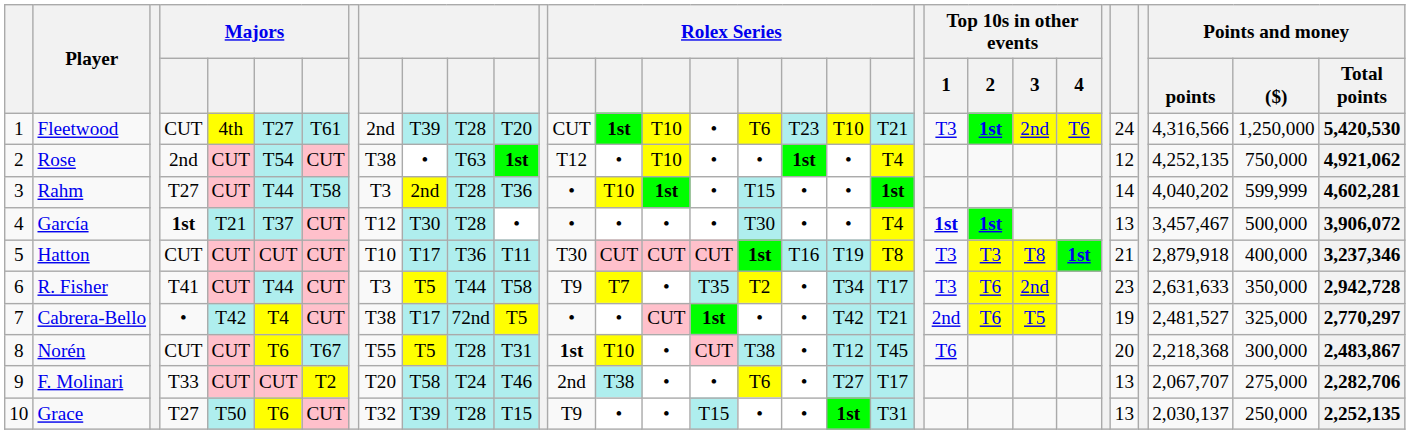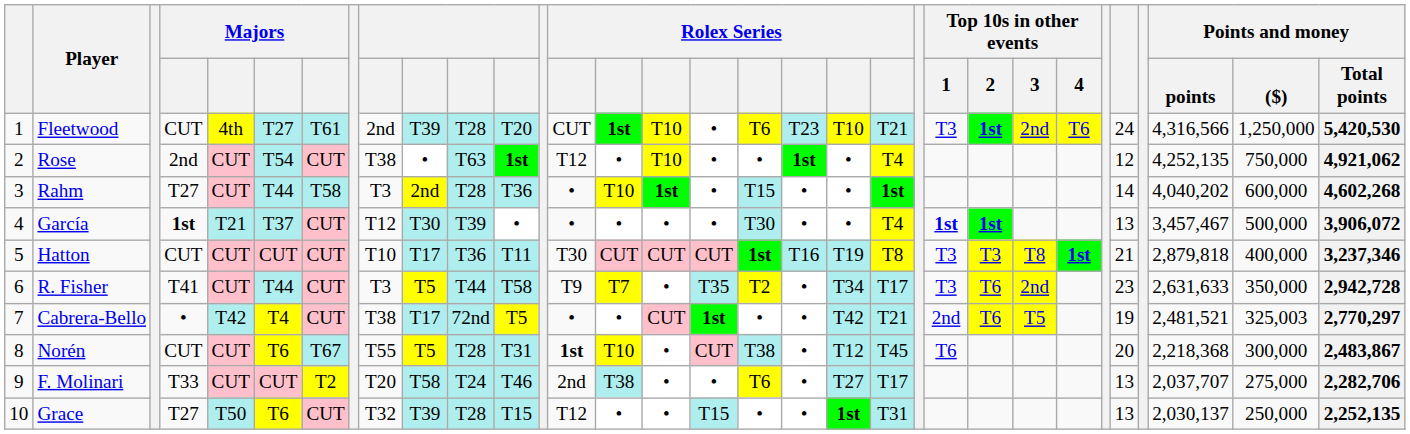 <table class=wikitable style=font-size:85%;text-align:center>
 <tr>
 <th rowspan=2></th>
 <th rowspan="2";>Player</th>
 <th rowspan="32"></th>
 <th colspan=4><a href='#'>Majors</a></th>
 <th rowspan="32"></th>
 <th colspan=4></th>
 <th rowspan="32"></th>
 <th colspan=8><a href='#'>Rolex Series</a></th>
 <th rowspan="32"></th>
 <th colspan="4">Top 10s in other  events</th>
 <th rowspan="32"></th>
 <th rowspan=2></th>
 <th rowspan="32"></th>
 <th colspan=3>Points and money</th>
 </tr>
 <tr>
 <th style="width:25px;"></th>
 <th style="width:25px;"></th>
 <th style="width:25px;"></th>
 <th style="width:25px;"></th>
 <th style="width:25px;"></th>
 <th style="width:25px;"></th>
 <th style="width:25px;"></th>
 <th style="width:25px;"></th>
 <th style="width:25px;"></th>
 <th style="width:25px;"></th>
 <th style="width:25px;"></th>
 <th style="width:25px;"></th>
 <th style="width:25px;"></th>
 <th style="width:25px;"></th>
 <th style="width:25px;"></th>
 <th style="width:25px;"></th>
 <th style="width:25px;">1</th>
 <th style="width:25px;">2</th>
 <th style="width:25px;">3</th>
 <th style="width:25px;">4</th>
 <th style=“width:25px;”><br>points</th>
 <th style=“width:25px;”><br>($)</th>
 <th style=“width:25px;”>Total<br>points</th>
 </tr>
 <tr>
 <td>1</td>
 <td align="left"> <a href='#'>Fleetwood</a></td>
 <td>CUT</td>
 <td bgcolor="yellow">4th</td>
 <td bgcolor="afeeee">T27</td>
 <td bgcolor="afeeee">T61</td>
 <td>2nd</td>
 <td bgcolor="afeeee">T39</td>
 <td bgcolor="afeeee">T28</td>
 <td bgcolor="afeeee">T20</td>
 <td>CUT</td>
 <td bgcolor="lime"><strong>1st</strong></td>
 <td bgcolor="yellow">T10</td>
 <td style="background:white">•</td>
 <td bgcolor="yellow">T6</td>
 <td bgcolor="afeeee">T23</td>
 <td bgcolor="yellow">T10</td>
 <td bgcolor="afeeee">T21</td>
 <td><a href='#'>T3</a></td>
 <td bgcolor="lime"><a href='#'><strong>1st</strong></a></td>
 <td bgcolor="yellow"><a href='#'>2nd</a></td>
 <td bgcolor="yellow"><a href='#'>T6</a></td>
 <td>24</td>
 <td>4,316,566</td>
 <td>1,250,000</td>
 <th>5,420,530</th>
 </tr>
 <tr>
 <td>2</td>
 <td align="left"> <a href='#'>Rose</a></td>
 <td>2nd</td>
 <td bgcolor="pink">CUT</td>
 <td bgcolor="afeeee">T54</td>
 <td bgcolor="pink">CUT</td>
 <td>T38</td>
 <td style="background:white">•</td>
 <td bgcolor="afeeee">T63</td>
 <td bgcolor="lime"><strong>1st</strong></td>
 <td>T12</td>
 <td style="background:white">•</td>
 <td bgcolor="yellow">T10</td>
 <td style="background:white">•</td>
 <td style="background:white">•</td>
 <td bgcolor="lime"><strong>1st</strong></td>
 <td style="background:white">•</td>
 <td bgcolor="yellow">T4</td>
 <td></td>
 <td bgcolor=""></td>
 <td bgcolor=""></td>
 <td bgcolor=""></td>
 <td>12</td>
 <td>4,252,135</td>
 <td>750,000</td>
 <th>4,921,062</th>
 </tr>
 <tr>
 <td>3</td>
 <td align="left"> <a href='#'>Rahm</a></td>
 <td>T27</td>
 <td bgcolor="pink">CUT</td>
 <td bgcolor="afeeee">T44</td>
 <td bgcolor="afeeee">T58</td>
 <td>T3</td>
 <td bgcolor="yellow">2nd</td>
 <td bgcolor="afeeee">T28</td>
 <td bgcolor="afeeee">T36</td>
 <td>•</td>
 <td bgcolor="yellow">T10</td>
 <td bgcolor="lime"><strong>1st</strong></td>
 <td style="background:white">•</td>
 <td bgcolor="afeeee">T15</td>
 <td style="background:white">•</td>
 <td style="background:white">•</td>
 <td bgcolor="lime"><strong>1st</strong></td>
 <td></td>
 <td bgcolor=""></td>
 <td bgcolor=""></td>
 <td bgcolor=""></td>
 <td>14</td>
 <td>4,040,202</td>
-<td>599,999</td>
-<th>4,602,281</th>
+<td>600,000</td>
+<th>4,602,268</th>
 </tr>
 <tr>
 <td>4</td>
 <td align="left"> <a href='#'>García</a></td>
 <td><strong>1st</strong></td>
 <td bgcolor="afeeee">T21</td>
 <td bgcolor="afeeee">T37</td>
 <td bgcolor="pink">CUT</td>
 <td>T12</td>
 <td bgcolor="afeeee">T30</td>
-<td bgcolor="afeeee">T28</td>
+<td bgcolor="afeeee">T39</td>
 <td style="background:white">•</td>
 <td>•</td>
 <td style="background:white">•</td>
 <td style="background:white">•</td>
 <td style="background:white">•</td>
 <td bgcolor="afeeee">T30</td>
 <td style="background:white">•</td>
 <td style="background:white">•</td>
 <td bgcolor="yellow">T4</td>
 <td><a href='#'><strong>1st</strong></a></td>
 <td bgcolor="lime"><a href='#'><strong>1st</strong></a></td>
 <td bgcolor=""></td>
 <td bgcolor=""></td>
 <td>13</td>
 <td>3,457,467</td>
 <td>500,000</td>
 <th>3,906,072</th>
 </tr>
 <tr>
 <td>5</td>
 <td align="left"> <a href='#'>Hatton</a></td>
 <td>CUT</td>
 <td bgcolor="pink">CUT</td>
 <td bgcolor="pink">CUT</td>
 <td bgcolor="pink">CUT</td>
 <td>T10</td>
 <td bgcolor="afeeee">T17</td>
 <td bgcolor="afeeee">T36</td>
 <td bgcolor="afeeee">T11</td>
 <td>T30</td>
 <td bgcolor="pink">CUT</td>
 <td bgcolor="pink">CUT</td>
 <td bgcolor="pink">CUT</td>
 <td bgcolor="lime"><strong>1st</strong></td>
 <td bgcolor="afeeee">T16</td>
 <td bgcolor="afeeee">T19</td>
 <td bgcolor="yellow">T8</td>
 <td><a href='#'>T3</a></td>
 <td bgcolor="yellow"><a href='#'>T3</a></td>
 <td bgcolor="yellow"><a href='#'>T8</a></td>
 <td bgcolor="lime"><a href='#'><strong>1st</strong></a></td>
 <td>21</td>
-<td>2,879,918</td>
+<td>2,879,818</td>
 <td>400,000</td>
 <th>3,237,346</th>
 </tr>
 <tr>
 <td>6</td>
 <td align="left"> <a href='#'>R. Fisher</a></td>
 <td>T41</td>
 <td bgcolor="pink">CUT</td>
 <td bgcolor="afeeee">T44</td>
 <td bgcolor="pink">CUT</td>
 <td>T3</td>
 <td bgcolor="yellow">T5</td>
 <td bgcolor="afeeee">T44</td>
 <td bgcolor="afeeee">T58</td>
 <td>T9</td>
 <td bgcolor="yellow">T7</td>
 <td style="background:white">•</td>
 <td bgcolor="afeeee">T35</td>
 <td bgcolor="yellow">T2</td>
 <td style="background:white">•</td>
 <td bgcolor="afeeee">T34</td>
 <td bgcolor="afeeee">T17</td>
 <td><a href='#'>T3</a></td>
 <td bgcolor="yellow"><a href='#'>T6</a></td>
 <td bgcolor="yellow"><a href='#'>2nd</a></td>
 <td bgcolor=""></td>
 <td>23</td>
 <td>2,631,633</td>
 <td>350,000</td>
 <th>2,942,728</th>
 </tr>
 <tr>
 <td>7</td>
 <td align="left"> <a href='#'>Cabrera-Bello</a></td>
 <td>•</td>
 <td bgcolor="afeeee">T42</td>
 <td bgcolor="yellow">T4</td>
 <td bgcolor="pink">CUT</td>
 <td>T38</td>
 <td bgcolor="afeeee">T17</td>
 <td bgcolor="afeeee">72nd</td>
 <td bgcolor="yellow">T5</td>
 <td>•</td>
 <td style="background:white">•</td>
 <td bgcolor="pink">CUT</td>
 <td bgcolor="lime"><strong>1st</strong></td>
 <td style="background:white">•</td>
 <td style="background:white">•</td>
 <td bgcolor="afeeee">T42</td>
 <td bgcolor="afeeee">T21</td>
 <td><a href='#'>2nd</a></td>
 <td bgcolor="yellow"><a href='#'>T6</a></td>
 <td bgcolor="yellow"><a href='#'>T5</a></td>
 <td bgcolor=""></td>
 <td>19</td>
-<td>2,481,527</td>
-<td>325,000</td>
+<td>2,481,521</td>
+<td>325,003</td>
 <th>2,770,297</th>
 </tr>
 <tr>
 <td>8</td>
 <td align="left"> <a href='#'>Norén</a></td>
 <td>CUT</td>
 <td bgcolor="pink">CUT</td>
 <td bgcolor="yellow">T6</td>
 <td bgcolor="afeeee">T67</td>
 <td>T55</td>
 <td bgcolor="yellow">T5</td>
 <td bgcolor="afeeee">T28</td>
 <td bgcolor="afeeee">T31</td>
 <td><strong>1st</strong></td>
 <td bgcolor="yellow">T10</td>
 <td style="background:white">•</td>
 <td bgcolor="pink">CUT</td>
 <td bgcolor="afeeee">T38</td>
 <td style="background:white">•</td>
 <td bgcolor="afeeee">T12</td>
 <td bgcolor="afeeee">T45</td>
 <td><a href='#'>T6</a></td>
 <td bgcolor=""></td>
 <td bgcolor=""></td>
 <td bgcolor=""></td>
 <td>20</td>
 <td>2,218,368</td>
 <td>300,000</td>
 <th>2,483,867</th>
 </tr>
 <tr>
 <td>9</td>
 <td align="left"> <a href='#'>F. Molinari</a></td>
 <td>T33</td>
 <td bgcolor="pink">CUT</td>
 <td bgcolor="pink">CUT</td>
 <td bgcolor="yellow">T2</td>
 <td>T20</td>
 <td bgcolor="afeeee">T58</td>
 <td bgcolor="afeeee">T24</td>
 <td bgcolor="afeeee">T46</td>
 <td>2nd</td>
 <td bgcolor="afeeee">T38</td>
 <td style="background:white">•</td>
 <td style="background:white">•</td>
 <td bgcolor="yellow">T6</td>
 <td style="background:white">•</td>
 <td bgcolor="afeeee">T27</td>
 <td bgcolor="afeeee">T17</td>
 <td></td>
 <td bgcolor=""></td>
 <td bgcolor=""></td>
 <td bgcolor=""></td>
 <td>13</td>
-<td>2,067,707</td>
+<td>2,037,707</td>
 <td>275,000</td>
 <th>2,282,706</th>
 </tr>
 <tr>
 <td>10</td>
 <td align="left"> <a href='#'>Grace</a></td>
 <td>T27</td>
 <td bgcolor="afeeee">T50</td>
 <td bgcolor="yellow">T6</td>
 <td bgcolor="pink">CUT</td>
 <td>T32</td>
 <td bgcolor="afeeee">T39</td>
 <td bgcolor="afeeee">T28</td>
 <td bgcolor="afeeee">T15</td>
-<td>T9</td>
+<td>T12</td>
 <td style="background:white">•</td>
 <td style="background:white">•</td>
 <td bgcolor="afeeee">T15</td>
 <td style="background:white">•</td>
 <td style="background:white">•</td>
 <td bgcolor="lime"><strong>1st</strong></td>
 <td bgcolor="afeeee">T31</td>
 <td></td>
 <td bgcolor=""></td>
 <td bgcolor=""></td>
 <td bgcolor=""></td>
 <td>13</td>
 <td>2,030,137</td>
 <td>250,000</td>
 <th>2,252,135</th>
 </tr>
 </table>
